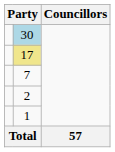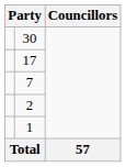 <table class="wikitable">
 <tr>
 <th colspan=2>Party</th>
 <th>Councillors</th>
 </tr>
 <tr>
 <td></td>
-<td align=center style="background: lightblue;">30</td>
+<td align=center>30</td>
 </tr>
 <tr>
 <td></td>
-<td align=center style="background: khaki;">17</td>
+<td align=center>17</td>
 </tr>
 <tr>
 <td></td>
 <td align=center>7</td>
 </tr>
 <tr>
 <td></td>
 <td align=center>2</td>
 </tr>
 <tr>
 <td></td>
 <td align=center>1</td>
 </tr>
 <tr>
 <th colspan=2>Total</th>
 <th>57</th>
 </tr>
 </table>
